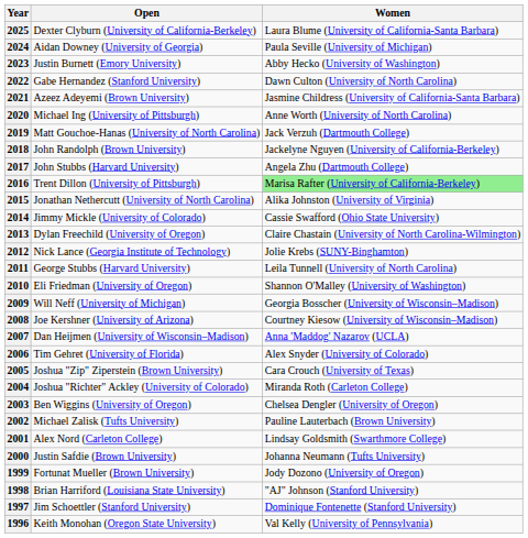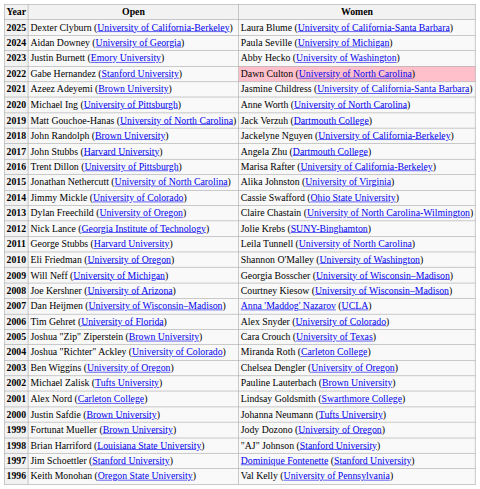 <table class="wikitable">
 <tr>
 <th>Year</th>
 <th>Open</th>
 <th>Women</th>
 </tr>
 <tr>
 <th>2025</th>
 <td>Dexter Clyburn (<a href='#'>University of California-Berkeley</a>)</td>
 <td>Laura Blume (<a href='#'>University of California-Santa Barbara</a>)</td>
 </tr>
 <tr>
 <th>2024</th>
 <td>Aidan Downey (<a href='#'>University of Georgia</a>)</td>
 <td>Paula Seville (<a href='#'>University of Michigan</a>)</td>
 </tr>
 <tr>
 <th>2023</th>
 <td>Justin Burnett (<a href='#'>Emory University</a>)</td>
 <td>Abby Hecko (<a href='#'>University of Washington</a>)</td>
 </tr>
 <tr>
 <th>2022</th>
 <td>Gabe Hernandez (<a href='#'>Stanford University</a>)</td>
-<td>Dawn Culton (<a href='#'>University of North Carolina</a>)</td>
+<td style="background: pink;">Dawn Culton (<a href='#'>University of North Carolina</a>)</td>
 </tr>
 <tr>
 <th>2021</th>
 <td>Azeez Adeyemi (<a href='#'>Brown University</a>)</td>
 <td>Jasmine Childress (<a href='#'>University of California-Santa Barbara</a>)</td>
 </tr>
 <tr>
 <th>2020</th>
 <td>Michael Ing (<a href='#'>University of Pittsburgh</a>)</td>
 <td>Anne Worth (<a href='#'>University of North Carolina</a>)</td>
 </tr>
 <tr>
 <th>2019</th>
 <td>Matt Gouchoe-Hanas (<a href='#'>University of North Carolina</a>)</td>
 <td>Jack Verzuh (<a href='#'>Dartmouth College</a>)</td>
 </tr>
 <tr>
 <th>2018</th>
 <td>John Randolph (<a href='#'>Brown University</a>)</td>
 <td>Jackelyne Nguyen (<a href='#'>University of California-Berkeley</a>)</td>
 </tr>
 <tr>
 <th>2017</th>
 <td>John Stubbs (<a href='#'>Harvard University</a>)</td>
 <td>Angela Zhu (<a href='#'>Dartmouth College</a>)</td>
 </tr>
 <tr>
 <th>2016</th>
 <td>Trent Dillon (<a href='#'>University of Pittsburgh</a>)</td>
-<td style="background: lightgreen;">Marisa Rafter (<a href='#'>University of California-Berkeley</a>)</td>
+<td>Marisa Rafter (<a href='#'>University of California-Berkeley</a>)</td>
 </tr>
 <tr>
 <th>2015</th>
 <td>Jonathan Nethercutt (<a href='#'>University of North Carolina</a>)</td>
 <td>Alika Johnston (<a href='#'>University of Virginia</a>)</td>
 </tr>
 <tr>
 <th>2014</th>
 <td>Jimmy Mickle (<a href='#'>University of Colorado</a>)</td>
 <td>Cassie Swafford (<a href='#'>Ohio State University</a>)</td>
 </tr>
 <tr>
 <th>2013</th>
 <td>Dylan Freechild (<a href='#'>University of Oregon</a>)</td>
 <td>Claire Chastain (<a href='#'>University of North Carolina-Wilmington</a>)</td>
 </tr>
 <tr>
 <th>2012</th>
 <td>Nick Lance (<a href='#'>Georgia Institute of Technology</a>)</td>
 <td>Jolie Krebs (<a href='#'>SUNY-Binghamton</a>)</td>
 </tr>
 <tr>
 <th>2011</th>
 <td>George Stubbs (<a href='#'>Harvard University</a>)</td>
 <td>Leila Tunnell (<a href='#'>University of North Carolina</a>)</td>
 </tr>
 <tr>
 <th>2010</th>
 <td>Eli Friedman (<a href='#'>University of Oregon</a>)</td>
 <td>Shannon O'Malley (<a href='#'>University of Washington</a>)</td>
 </tr>
 <tr>
 <th>2009</th>
 <td>Will Neff (<a href='#'>University of Michigan</a>)</td>
 <td>Georgia Bosscher (<a href='#'>University of Wisconsin–Madison</a>)</td>
 </tr>
 <tr>
 <th>2008</th>
 <td>Joe Kershner (<a href='#'>University of Arizona</a>)</td>
 <td>Courtney Kiesow (<a href='#'>University of Wisconsin–Madison</a>)</td>
 </tr>
 <tr>
 <th>2007</th>
 <td>Dan Heijmen (<a href='#'>University of Wisconsin–Madison</a>)</td>
 <td><a href='#'>Anna 'Maddog' Nazarov</a> (<a href='#'>UCLA</a>)</td>
 </tr>
 <tr>
 <th>2006</th>
 <td>Tim Gehret (<a href='#'>University of Florida</a>)</td>
 <td>Alex Snyder (<a href='#'>University of Colorado</a>)</td>
 </tr>
 <tr>
 <th>2005</th>
 <td>Joshua "Zip" Ziperstein (<a href='#'>Brown University</a>)</td>
 <td>Cara Crouch (<a href='#'>University of Texas</a>)</td>
 </tr>
 <tr>
 <th>2004</th>
 <td>Joshua "Richter" Ackley (<a href='#'>University of Colorado</a>)</td>
 <td>Miranda Roth (<a href='#'>Carleton College</a>)</td>
 </tr>
 <tr>
 <th>2003</th>
 <td>Ben Wiggins (<a href='#'>University of Oregon</a>)</td>
 <td>Chelsea Dengler (<a href='#'>University of Oregon</a>)</td>
 </tr>
 <tr>
 <th>2002</th>
 <td>Michael Zalisk (<a href='#'>Tufts University</a>)</td>
 <td>Pauline Lauterbach (<a href='#'>Brown University</a>)</td>
 </tr>
 <tr>
 <th>2001</th>
 <td>Alex Nord (<a href='#'>Carleton College</a>)</td>
 <td>Lindsay Goldsmith (<a href='#'>Swarthmore College</a>)</td>
 </tr>
 <tr>
 <th>2000</th>
 <td>Justin Safdie (<a href='#'>Brown University</a>)</td>
 <td>Johanna Neumann (<a href='#'>Tufts University</a>)</td>
 </tr>
 <tr>
 <th>1999</th>
 <td>Fortunat Mueller (<a href='#'>Brown University</a>)</td>
 <td>Jody Dozono (<a href='#'>University of Oregon</a>)</td>
 </tr>
 <tr>
 <th>1998</th>
 <td>Brian Harriford (<a href='#'>Louisiana State University</a>)</td>
 <td>"AJ" Johnson (<a href='#'>Stanford University</a>)</td>
 </tr>
 <tr>
 <th>1997</th>
 <td>Jim Schoettler (<a href='#'>Stanford University</a>)</td>
 <td><a href='#'>Dominique Fontenette</a> (<a href='#'>Stanford University</a>)</td>
 </tr>
 <tr>
 <th>1996</th>
 <td>Keith Monohan (<a href='#'>Oregon State University</a>)</td>
 <td>Val Kelly (<a href='#'>University of Pennsylvania</a>)</td>
 </tr>
 </table>
